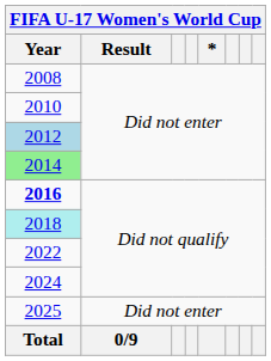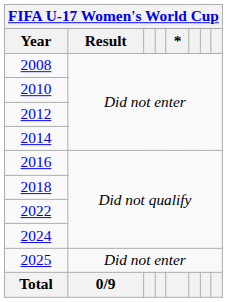 <table class="wikitable" style="text-align: center;">
 <tr>
 <th colspan=9><a href='#'>FIFA U-17 Women's World Cup</a></th>
 </tr>
 <tr>
 <th>Year</th>
 <th>Result</th>
 <th></th>
 <th></th>
 <th> *</th>
 <th></th>
 <th></th>
 <th></th>
 </tr>
 <tr>
 <td> <a href='#'>2008</a></td>
 <td rowspan=4 colspan=8><em>Did not enter</em></td>
 </tr>
 <tr>
 <td> <a href='#'>2010</a></td>
 </tr>
 <tr>
-<td style="background: lightblue;"> <a href='#'>2012</a></td>
+<td> <a href='#'>2012</a></td>
 </tr>
 <tr>
-<td style="background: lightgreen;"> <a href='#'>2014</a></td>
+<td> <a href='#'>2014</a></td>
 </tr>
 <tr>
-<td><strong> <a href='#'>2016</a></strong></td>
+<td> <a href='#'>2016</a></td>
 <td rowspan=4 colspan=8><em>Did not qualify</em></td>
 </tr>
 <tr>
-<td style="background: paleturquoise;"> <a href='#'>2018</a></td>
+<td> <a href='#'>2018</a></td>
 </tr>
 <tr>
 <td> <a href='#'>2022</a></td>
 </tr>
 <tr>
 <td> <a href='#'>2024</a></td>
 </tr>
 <tr>
 <td> <a href='#'>2025</a></td>
 <td colspan=8><em>Did not enter</em></td>
 </tr>
 <tr>
 <th>Total</th>
 <th>0/9</th>
 <th></th>
 <th></th>
 <th></th>
 <th></th>
 <th></th>
 <th></th>
 </tr>
 </table>
